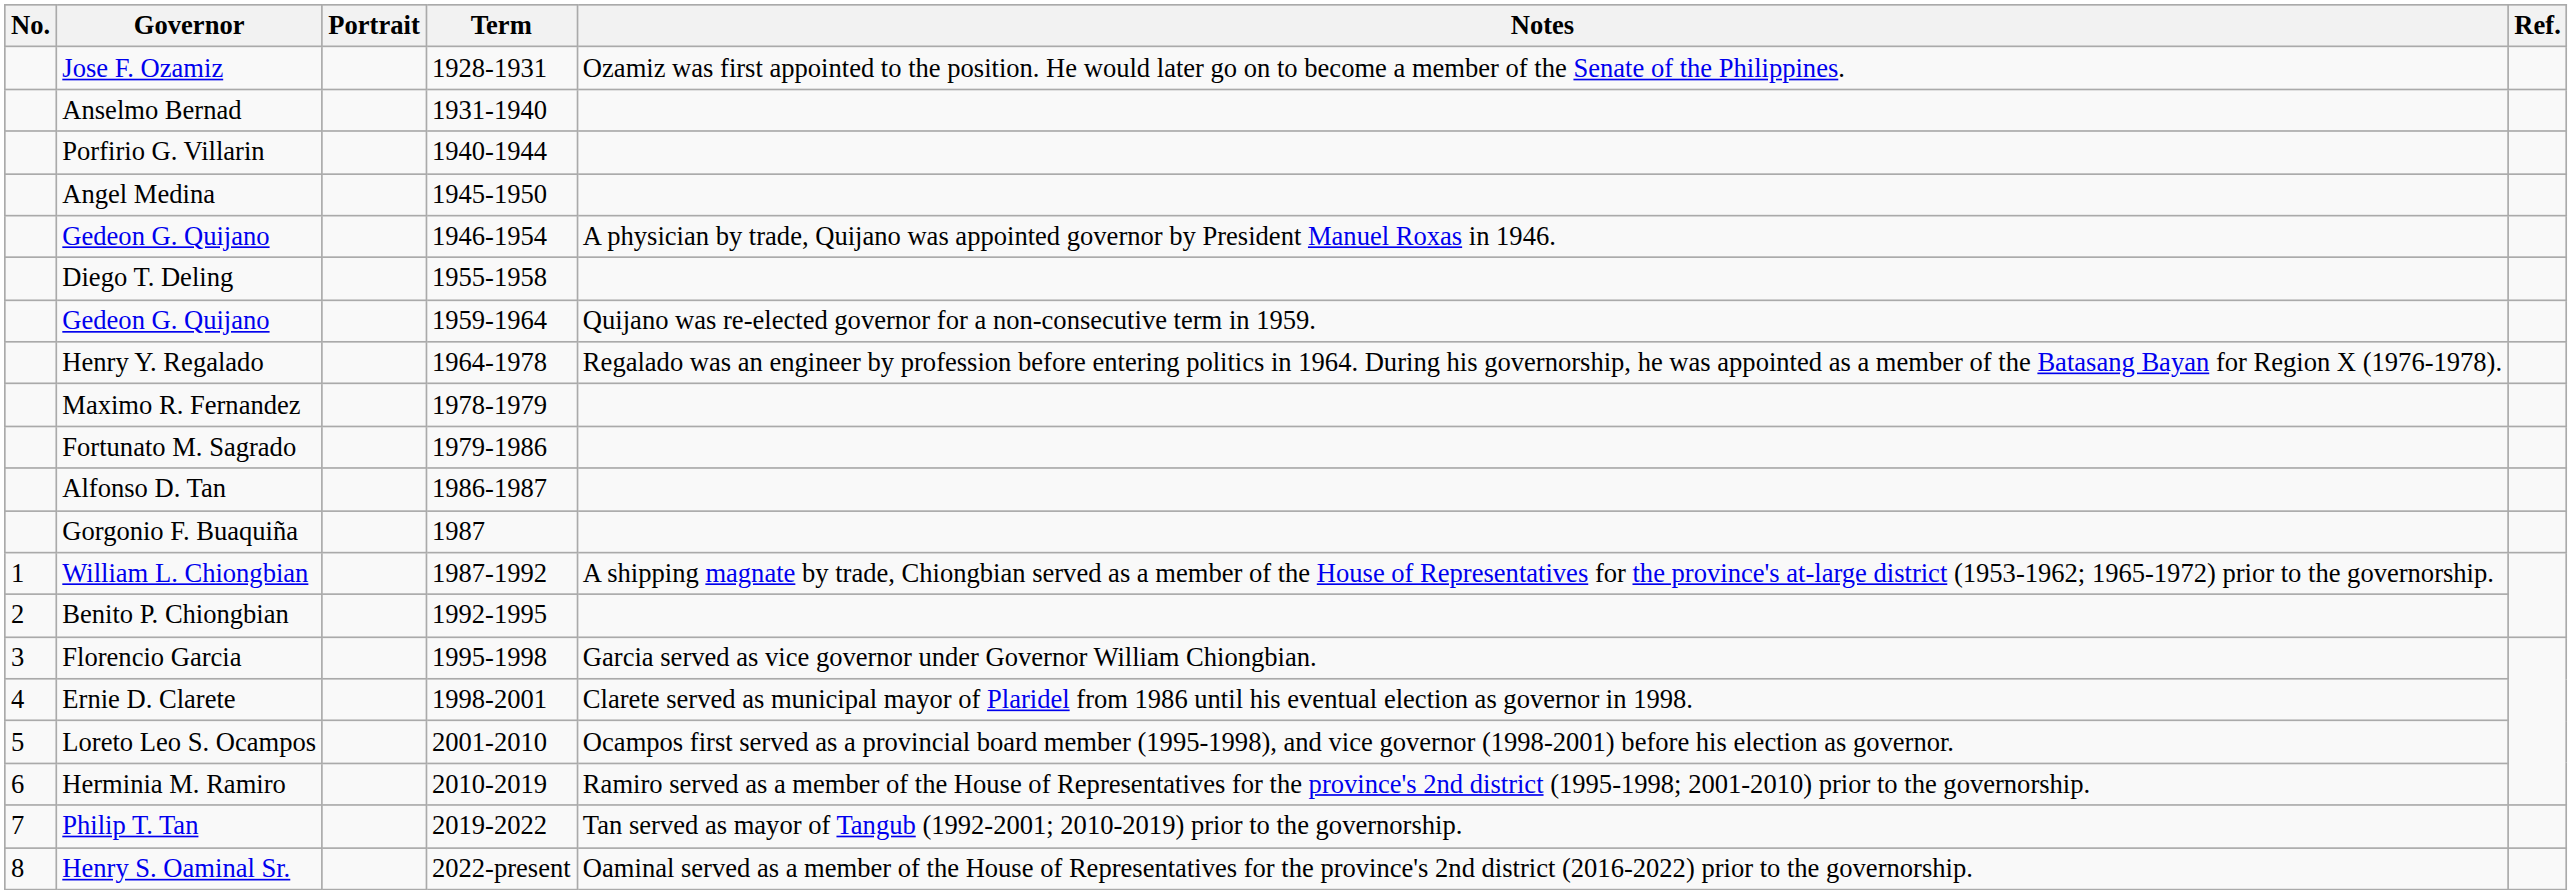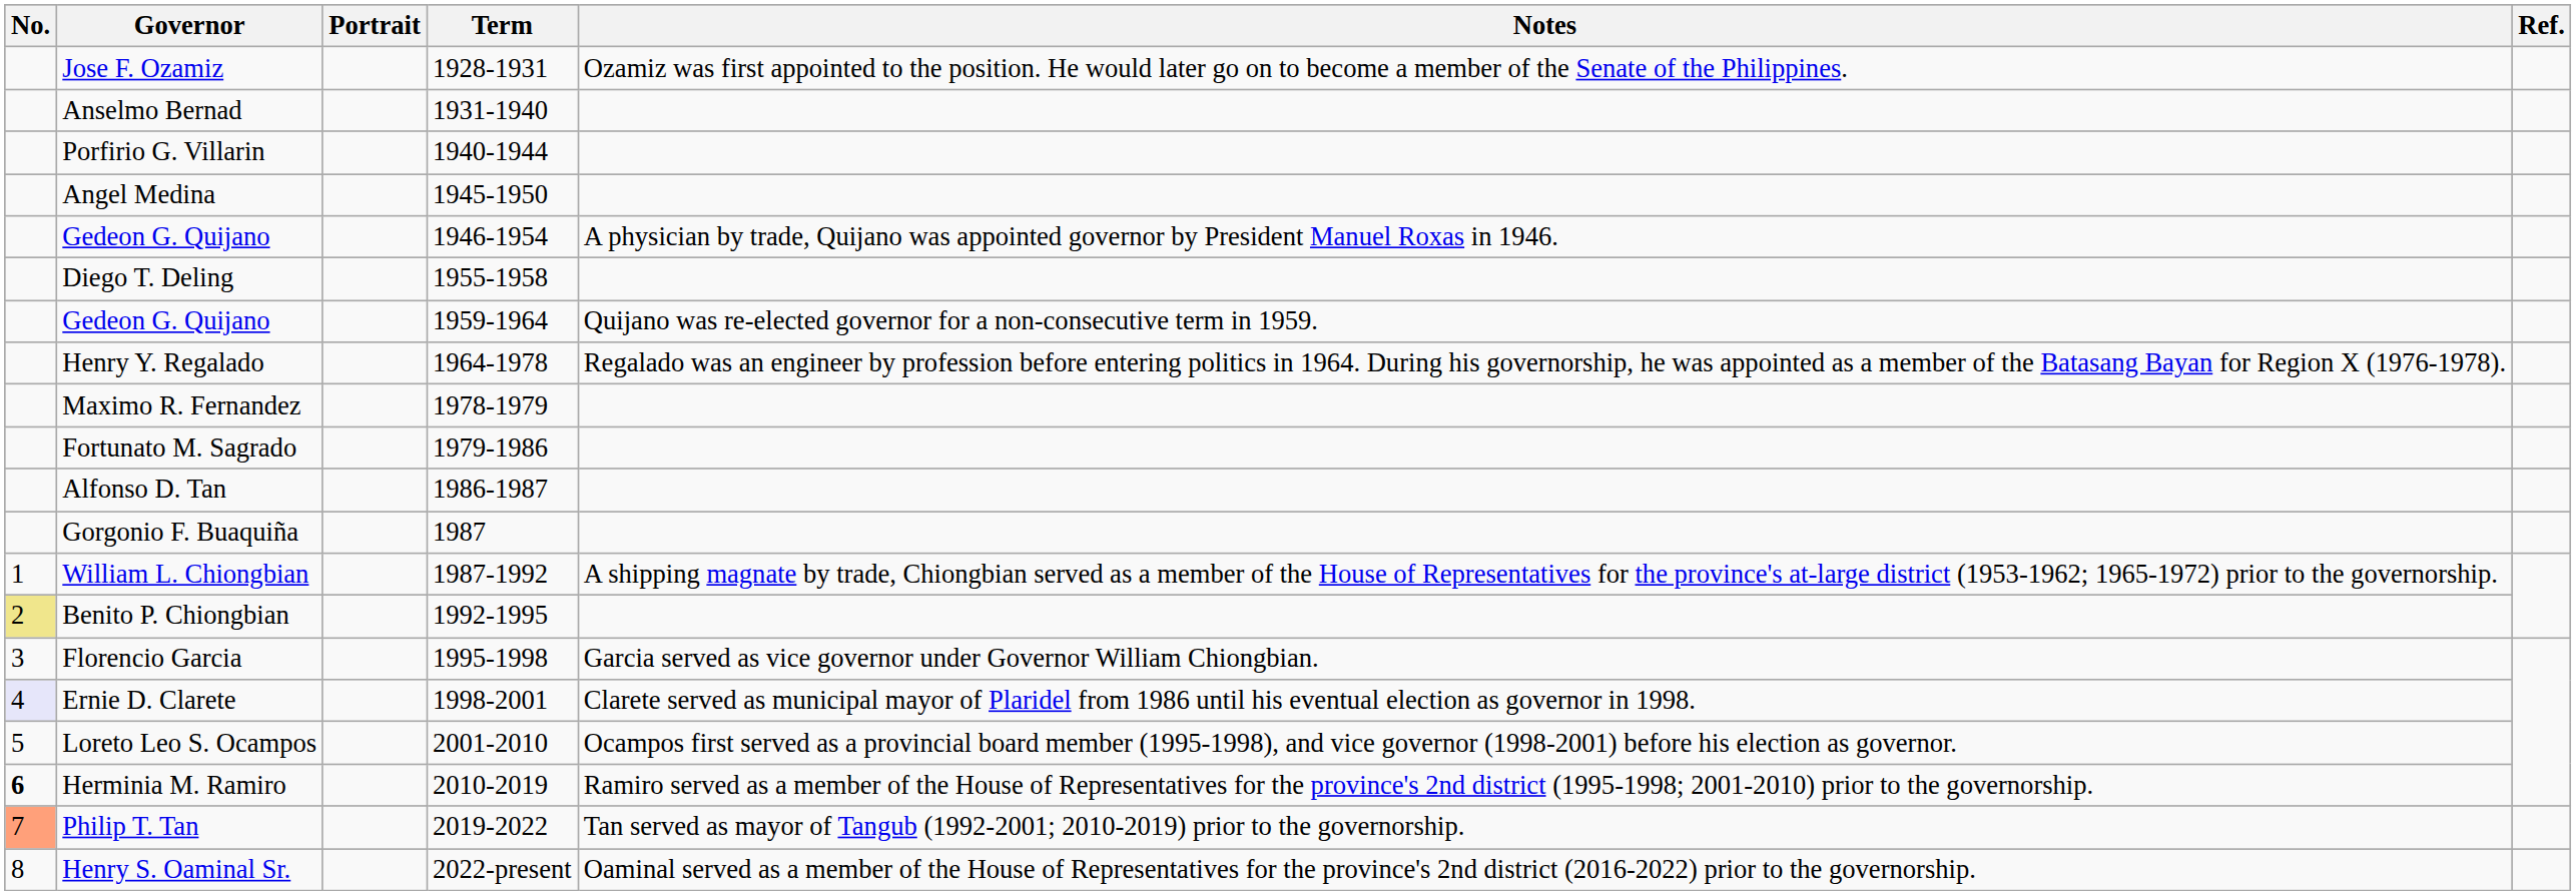 <table class= "wikitable"  border = "1">
 <tr>
 <th>No.</th>
 <th>Governor</th>
 <th>Portrait</th>
 <th>Term</th>
 <th>Notes</th>
 <th>Ref.</th>
 </tr>
 <tr>
 <td></td>
 <td><a href='#'>Jose F. Ozamiz</a></td>
 <td></td>
 <td>1928-1931</td>
 <td>Ozamiz was first appointed to the position. He would later go on to become a member of the <a href='#'>Senate of the Philippines</a>.</td>
 <td></td>
 </tr>
 <tr>
 <td></td>
 <td>Anselmo Bernad</td>
 <td></td>
 <td>1931-1940</td>
 <td></td>
 <td></td>
 </tr>
 <tr>
 <td></td>
 <td>Porfirio G. Villarin</td>
 <td></td>
 <td>1940-1944</td>
 <td></td>
 <td></td>
 </tr>
 <tr>
 <td></td>
 <td>Angel Medina</td>
 <td></td>
 <td>1945-1950</td>
 <td></td>
 <td></td>
 </tr>
 <tr>
 <td></td>
 <td><a href='#'>Gedeon G. Quijano</a></td>
 <td></td>
 <td>1946-1954</td>
 <td>A physician by trade, Quijano was appointed governor by President <a href='#'>Manuel Roxas</a> in 1946.</td>
 <td></td>
 </tr>
 <tr>
 <td></td>
 <td>Diego T. Deling</td>
 <td></td>
 <td>1955-1958</td>
 <td></td>
 <td></td>
 </tr>
 <tr>
 <td></td>
 <td><a href='#'>Gedeon G. Quijano</a></td>
 <td></td>
 <td>1959-1964</td>
 <td>Quijano was re-elected governor for a non-consecutive term in 1959.</td>
 <td></td>
 </tr>
 <tr>
 <td></td>
 <td>Henry Y. Regalado</td>
 <td></td>
 <td>1964-1978</td>
 <td>Regalado was an engineer by profession before entering politics in 1964. During his governorship, he was appointed as a member of the <a href='#'>Batasang Bayan</a> for Region X (1976-1978).</td>
 <td></td>
 </tr>
 <tr>
 <td></td>
 <td>Maximo R. Fernandez</td>
 <td></td>
 <td>1978-1979</td>
 <td></td>
 <td></td>
 </tr>
 <tr>
 <td></td>
 <td>Fortunato M. Sagrado</td>
 <td></td>
 <td>1979-1986</td>
 <td></td>
 <td></td>
 </tr>
 <tr>
 <td></td>
 <td>Alfonso D. Tan</td>
 <td></td>
 <td>1986-1987</td>
 <td></td>
 <td></td>
 </tr>
 <tr>
 <td></td>
 <td>Gorgonio F. Buaquiña</td>
 <td></td>
 <td>1987</td>
 <td></td>
 <td></td>
 </tr>
 <tr>
 <td>1</td>
 <td><a href='#'>William L. Chiongbian</a></td>
 <td></td>
 <td>1987-1992</td>
 <td>A shipping <a href='#'>magnate</a> by trade, Chiongbian served as a member of the <a href='#'>House of Representatives</a> for <a href='#'>the province's at-large district</a> (1953-1962; 1965-1972) prior to the governorship.</td>
 <td rowspan="2"></td>
 </tr>
 <tr>
-<td>2</td>
+<td style="background: khaki;">2</td>
 <td>Benito P. Chiongbian</td>
 <td></td>
 <td>1992-1995</td>
 <td></td>
 </tr>
 <tr>
 <td>3</td>
 <td>Florencio Garcia</td>
 <td></td>
 <td>1995-1998</td>
 <td>Garcia served as vice governor under Governor William Chiongbian.</td>
 <td rowspan="4"></td>
 </tr>
 <tr>
-<td>4</td>
+<td style="background: lavender;">4</td>
 <td>Ernie D. Clarete</td>
 <td></td>
 <td>1998-2001</td>
 <td>Clarete served as municipal mayor of <a href='#'>Plaridel</a> from 1986 until his eventual election as governor in 1998.</td>
 </tr>
 <tr>
 <td>5</td>
 <td>Loreto Leo S. Ocampos</td>
 <td></td>
 <td>2001-2010</td>
 <td>Ocampos first served as a provincial board member (1995-1998), and vice governor (1998-2001) before his election as governor.</td>
 </tr>
 <tr>
-<td>6</td>
+<td><strong>6</strong></td>
 <td>Herminia M. Ramiro</td>
 <td></td>
 <td>2010-2019</td>
 <td>Ramiro served as a member of the House of Representatives for the <a href='#'>province's 2nd district</a> (1995-1998; 2001-2010) prior to the governorship.</td>
 </tr>
 <tr>
-<td>7</td>
+<td style="background: lightsalmon;">7</td>
 <td><a href='#'>Philip T. Tan</a></td>
 <td></td>
 <td>2019-2022</td>
 <td>Tan served as mayor of <a href='#'>Tangub</a> (1992-2001; 2010-2019) prior to the governorship.</td>
 <td></td>
 </tr>
 <tr>
 <td>8</td>
 <td><a href='#'>Henry S. Oaminal Sr.</a></td>
 <td></td>
 <td>2022-present<br></td>
 <td>Oaminal served as a member of the House of Representatives for the province's 2nd district (2016-2022) prior to the governorship.</td>
 <td></td>
 </tr>
 </table>
